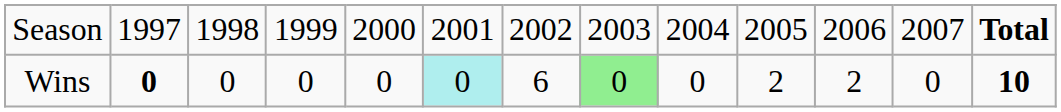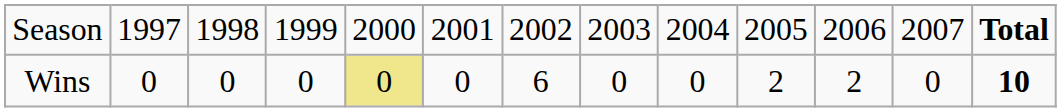 <table class="wikitable sortable">
 <tr>
 <td>Season</td>
 <td>1997</td>
 <td>1998</td>
 <td>1999</td>
 <td>2000</td>
 <td>2001</td>
 <td>2002</td>
 <td>2003</td>
 <td>2004</td>
 <td>2005</td>
 <td>2006</td>
 <td>2007</td>
 <td><strong>Total</strong></td>
 </tr>
 <tr align=center>
 <td>Wins</td>
-<td><strong>0</strong></td>
 <td>0</td>
 <td>0</td>
 <td>0</td>
-<td style="background: paleturquoise;">0</td>
+<td style="background: khaki;">0</td>
+<td>0</td>
 <td>6</td>
-<td style="background: lightgreen;">0</td>
+<td>0</td>
 <td>0</td>
 <td>2</td>
 <td>2</td>
 <td>0</td>
 <td><strong>10</strong></td>
 </tr>
 </table>
